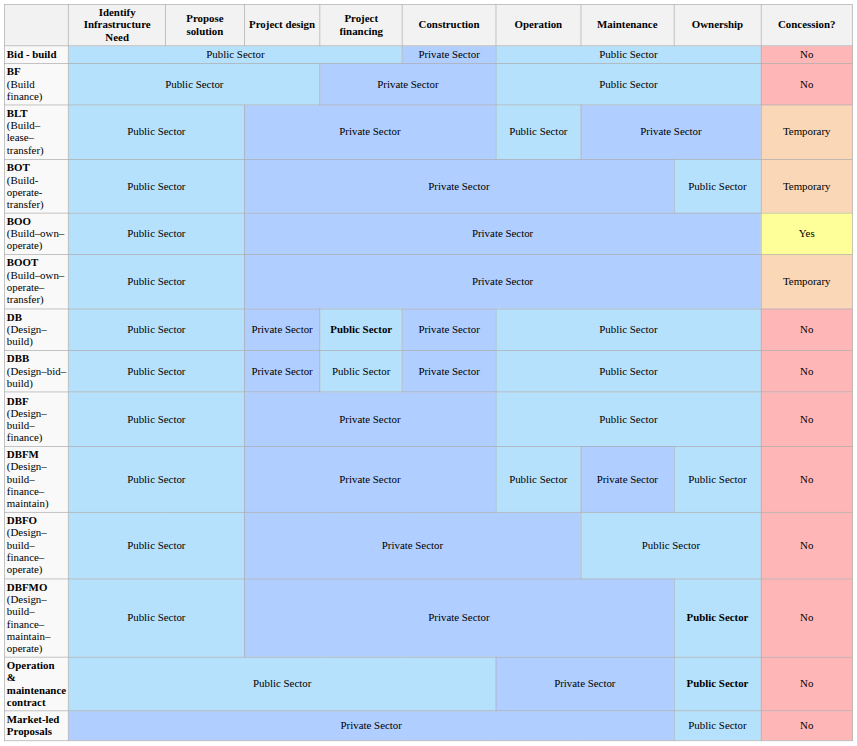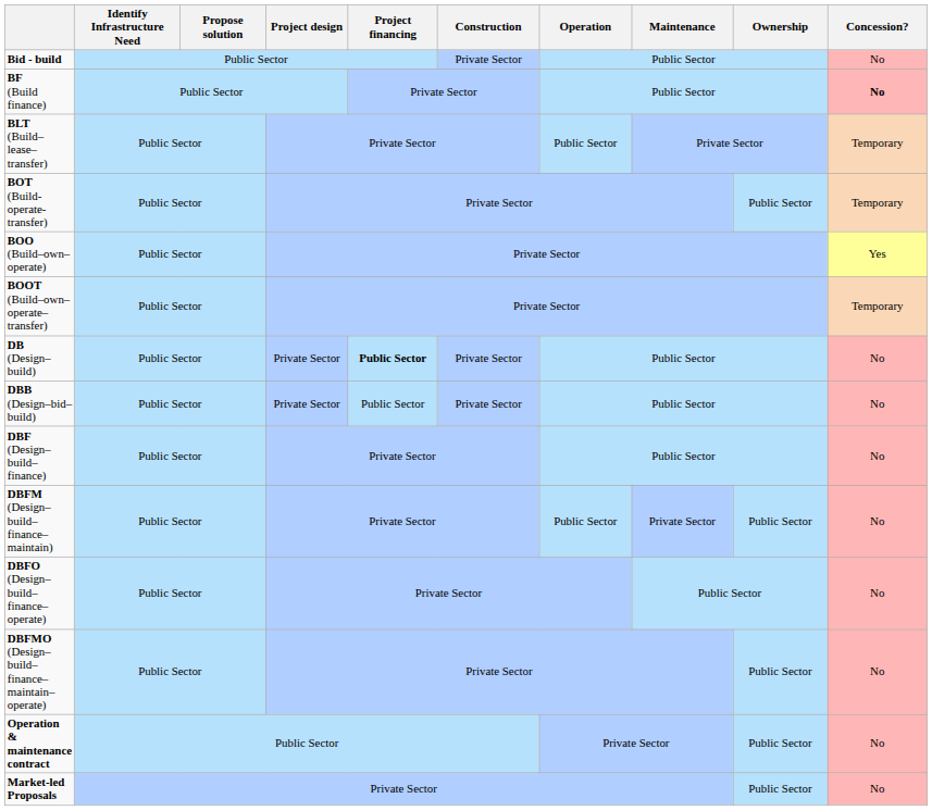 <table class="wikitable">
 <tr>
 <th></th>
 <th class="sortable" style="width:200px;">Identify Infrastructure Need</th>
 <th class="sortable" style="width:200px;">Propose solution</th>
 <th class="sortable" style="width:200px;">Project design</th>
 <th class="sortable" style="width:200px;">Project financing</th>
 <th class="sortable" style="width:200px;">Construction</th>
 <th class="sortable" style="width:200px;">Operation</th>
 <th class="sortable" style="width:200px;">Maintenance</th>
 <th class="sortable" style="width:200px;">Ownership</th>
 <th class="sortable" style="width:200px;">Concession?</th>
 </tr>
 <tr>
 <td><strong>Bid - build</strong></td>
 <td colspan="4" style="text-align:center; background:#b6e1fc;">Public Sector</td>
 <td style="text-align:center; background:#b0ceff;">Private Sector</td>
 <td colspan="3" style="text-align:center; background:#b6e1fc;">Public Sector</td>
 <td style="text-align:center; background:#ffb6b6;">No</td>
 </tr>
 <tr>
 <td><strong>BF</strong><br>(Build finance)</td>
 <td colspan="3" style="text-align:center; background:#b6e1fc;">Public Sector</td>
 <td colspan="2" style="text-align:center; background:#b0ceff;">Private Sector</td>
 <td colspan="3" style="text-align:center; background:#b6e1fc;">Public Sector</td>
-<td style="text-align:center; background:#ffb6b6;">No</td>
+<td style="text-align:center; background:#ffb6b6;"><strong>No</strong></td>
 </tr>
 <tr>
 <td><strong>BLT</strong><br>(Build–lease–transfer)</td>
 <td colspan="2" style="text-align:center; background:#b6e1fc;">Public Sector</td>
 <td colspan="3" style="text-align:center; background:#b0ceff;">Private Sector</td>
 <td style="text-align:center; background:#b6e1fc;">Public Sector</td>
 <td colspan="2" style="text-align:center; background:#b0ceff;">Private Sector</td>
 <td style="text-align:center; background:#fad7b7;">Temporary</td>
 </tr>
 <tr>
 <td><strong>BOT</strong><br>(Build-operate-transfer)</td>
 <td colspan="2" style="text-align:center; background:#b6e1fc;">Public Sector</td>
 <td colspan="5" style="text-align:center; background:#b0ceff;">Private Sector</td>
 <td style="text-align:center; background:#b6e1fc;">Public Sector</td>
 <td style="text-align:center; background:#fad7b7;">Temporary</td>
 </tr>
 <tr>
 <td><strong>BOO</strong><br>(Build–own–operate)</td>
 <td colspan="2" style="text-align:center; background:#b6e1fc;">Public Sector</td>
 <td colspan="6" style="text-align:center; background:#b0ceff;">Private Sector</td>
 <td style="text-align:center; background:#ffff99;">Yes</td>
 </tr>
 <tr>
 <td><strong>BOOT</strong><br>(Build–own–operate–transfer)</td>
 <td colspan="2" style="text-align:center; background:#b6e1fc;">Public Sector</td>
 <td colspan="6" style="text-align:center; background:#b0ceff;">Private Sector</td>
 <td style="text-align:center; background:#fad7b7;">Temporary</td>
 </tr>
 <tr>
 <td><strong>DB</strong><br>(Design–build)</td>
 <td colspan="2" style="text-align:center; background:#b6e1fc;">Public Sector</td>
 <td style="text-align:center; background:#b0ceff;">Private Sector</td>
 <td style="text-align:center; background:#b6e1fc;"><strong>Public Sector</strong></td>
 <td style="text-align:center; background:#b0ceff;">Private Sector</td>
 <td colspan="3" style="text-align:center; background:#b6e1fc;">Public Sector</td>
 <td style="text-align:center; background:#ffb6b6;">No</td>
 </tr>
 <tr>
 <td><strong>DBB</strong><br>(Design–bid–build)</td>
 <td colspan="2" style="text-align:center; background:#b6e1fc;">Public Sector</td>
 <td style="text-align:center; background:#b0ceff;">Private Sector</td>
 <td style="text-align:center; background:#b6e1fc;">Public Sector</td>
 <td style="text-align:center; background:#b0ceff;">Private Sector</td>
 <td colspan="3" style="text-align:center; background:#b6e1fc;">Public Sector</td>
 <td style="text-align:center; background:#ffb6b6;">No</td>
 </tr>
 <tr>
 <td><strong>DBF</strong><br>(Design–build–finance)</td>
 <td colspan="2" style="text-align:center; background:#b6e1fc;">Public Sector</td>
 <td colspan="3" style="text-align:center; background:#b0ceff;">Private Sector</td>
 <td colspan="3" style="text-align:center; background:#b6e1fc;">Public Sector</td>
 <td style="text-align:center; background:#ffb6b6;">No</td>
 </tr>
 <tr>
 <td><strong>DBFM</strong><br>(Design–build–finance–maintain)</td>
 <td colspan="2" style="text-align:center; background:#b6e1fc;">Public Sector</td>
 <td colspan="3" style="text-align:center; background:#b0ceff;">Private Sector</td>
 <td style="text-align:center; background:#b6e1fc;">Public Sector</td>
 <td style="text-align:center; background:#b0ceff;">Private Sector</td>
 <td style="text-align:center; background:#b6e1fc;">Public Sector</td>
 <td style="text-align:center; background:#ffb6b6;">No</td>
 </tr>
 <tr>
 <td><strong>DBFO</strong><br>(Design–build–finance–operate)</td>
 <td colspan="2" style="text-align:center; background:#b6e1fc;">Public Sector</td>
 <td colspan="4" style="text-align:center; background:#b0ceff;">Private Sector</td>
 <td colspan="2" style="text-align:center; background:#b6e1fc;">Public Sector</td>
 <td style="text-align:center; background:#ffb6b6;">No</td>
 </tr>
 <tr>
 <td><strong>DBFMO</strong><br>(Design–build–finance–maintain–operate)</td>
 <td colspan="2" style="text-align:center; background:#b6e1fc;">Public Sector</td>
 <td colspan="5" style="text-align:center; background:#b0ceff;">Private Sector</td>
-<td style="text-align:center; background:#b6e1fc;"><strong>Public Sector</strong></td>
+<td style="text-align:center; background:#b6e1fc;">Public Sector</td>
 <td style="text-align:center; background:#ffb6b6;">No</td>
 </tr>
 <tr>
 <td><strong>Operation & maintenance contract</strong></td>
 <td colspan="5" style="text-align:center; background:#b6e1fc;">Public Sector</td>
 <td colspan="2" style="text-align:center; background:#b0ceff;">Private Sector</td>
-<td style="text-align:center; background:#b6e1fc;"><strong>Public Sector</strong></td>
+<td style="text-align:center; background:#b6e1fc;">Public Sector</td>
 <td style="text-align:center; background:#ffb6b6;">No</td>
 </tr>
 <tr>
 <td><strong>Market-led Proposals</strong></td>
 <td colspan="7" style="text-align:center; background:#b0ceff;">Private Sector</td>
 <td style="text-align:center; background:#b6e1fc;">Public Sector</td>
 <td style="text-align:center; background:#ffb6b6;">No</td>
 </tr>
 </table>
